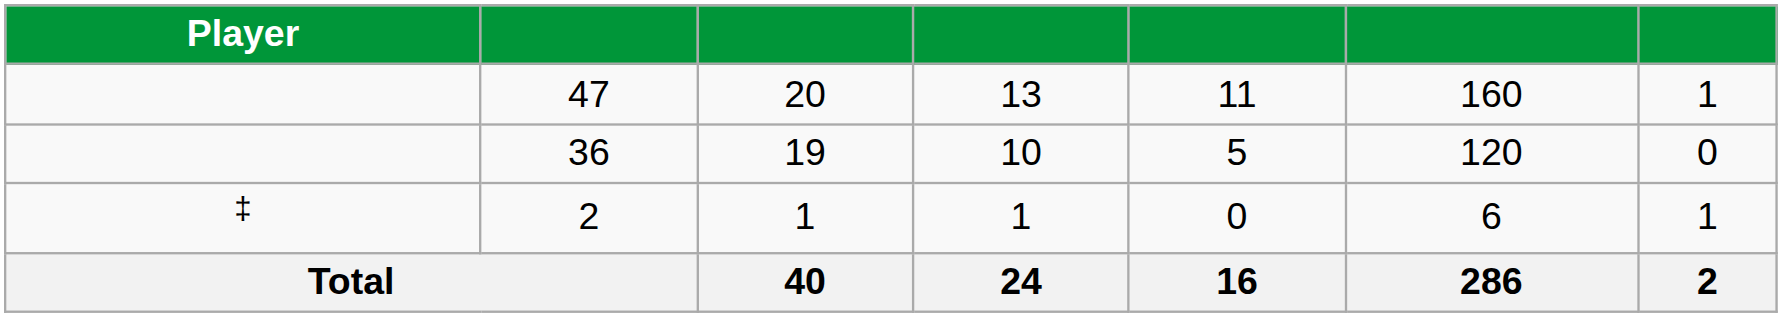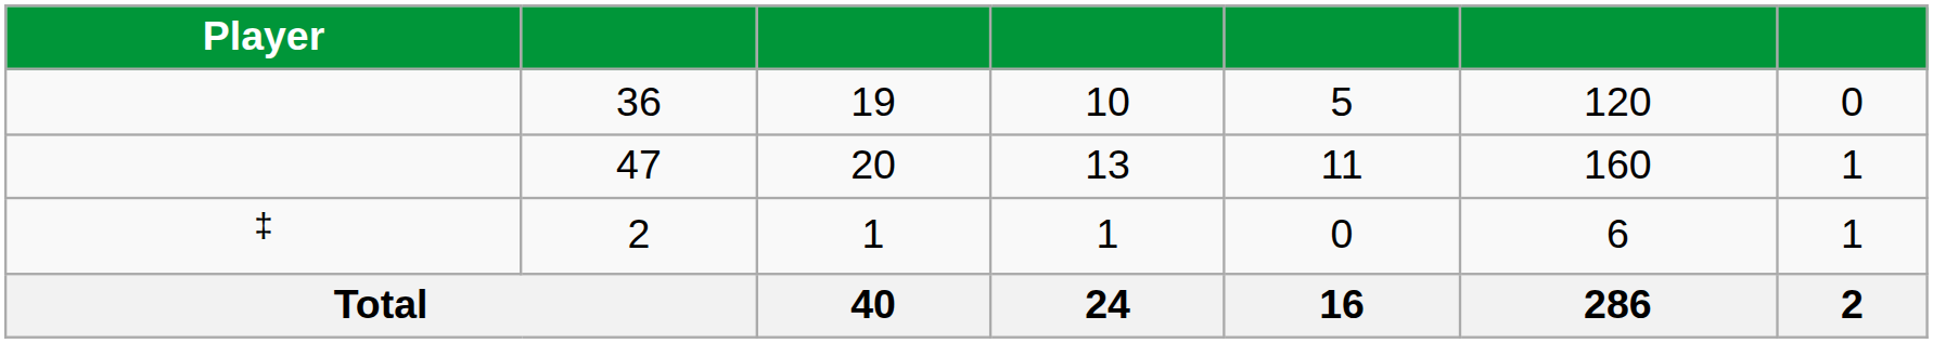 <table class="wikitable sortable" style="width:60%; text-align:center;">
 <tr>
 <th style="color:white; background:#009639; ">Player</th>
 <th style="color:white; background:#009639; "></th>
 <th style="color:white; background:#009639; "></th>
 <th style="color:white; background:#009639; "></th>
 <th style="color:white; background:#009639; "></th>
 <th style="color:white; background:#009639; "></th>
 <th style="color:white; background:#009639; "></th>
 </tr>
 <tr>
 <td></td>
+<td>36</td>
+<td>19</td>
+<td>10</td>
+<td>5</td>
+<td>120</td>
+<td>0</td>
+</tr>
+<tr>
+<td></td>
 <td>47</td>
 <td>20</td>
 <td>13</td>
 <td>11</td>
 <td>160</td>
 <td>1</td>
-</tr>
-<tr>
-<td></td>
-<td>36</td>
-<td>19</td>
-<td>10</td>
-<td>5</td>
-<td>120</td>
-<td>0</td>
 </tr>
 <tr>
 <td><sup>‡</sup></td>
 <td>2</td>
 <td>1</td>
 <td>1</td>
 <td>0</td>
 <td>6</td>
 <td>1</td>
 </tr>
 <tr class="sortbottom">
 <th colspan=2>Total</th>
 <th>40</th>
 <th>24</th>
 <th>16</th>
 <th>286</th>
 <th>2</th>
 </tr>
 </table>
